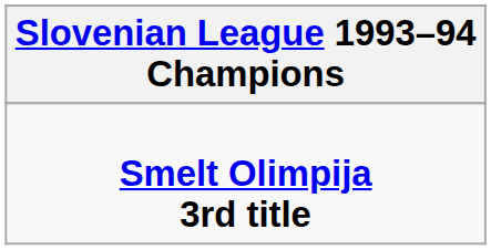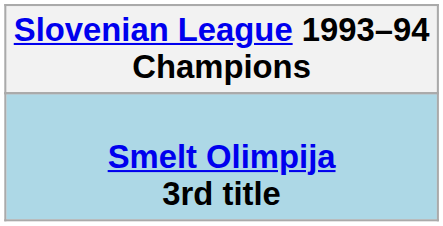 <table class="wikitable" style="text-align: center; margin: 0 auto;">
 <tr>
 <th><a href='#'>Slovenian League</a> 1993–94<br>Champions</th>
 </tr>
 <tr>
 </tr>
 <tr>
-<td><br><strong><a href='#'>Smelt Olimpija</a></strong><br><strong>3rd title</strong></td>
+<td style="background: lightblue;"><br><strong><a href='#'>Smelt Olimpija</a></strong><br><strong>3rd title</strong></td>
 </tr>
 </table>
